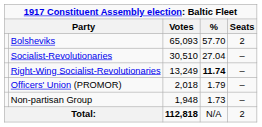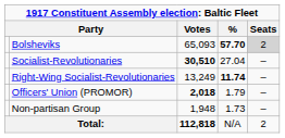 <table class="wikitable" style="text-align:left; font-size:95%">
 <tr>
 <td align=center colspan=5><strong><a href='#'>1917 Constituent Assembly election</a>: Baltic Fleet</strong></td>
 </tr>
 <tr>
 <th colspan=2>Party</th>
 <th>Votes</th>
 <th>%</th>
 <th>Seats</th>
 </tr>
 <tr>
 <td style="background-color: "></td>
 <td><a href='#'>Bolsheviks</a></td>
 <td align=right>65,093</td>
-<td align=right>57.70</td>
-<td align=center>2</td>
+<td align=right><strong>57.70</strong></td>
+<td align=center style="background: lightgrey;">2</td>
 </tr>
 <tr>
 <td style="background-color: "></td>
 <td><a href='#'>Socialist-Revolutionaries</a></td>
-<td align=right>30,510</td>
+<td align=right><strong>30,510</strong></td>
 <td align=right>27.04</td>
 <td align=center>–</td>
 </tr>
 <tr>
 <td style="background-color: "></td>
 <td><a href='#'>Right-Wing Socialist-Revolutionaries</a></td>
 <td align=right>13,249</td>
 <td align=right><strong>11.74</strong></td>
 <td align=center>–</td>
 </tr>
 <tr>
 <td style="background-color: "></td>
 <td><a href='#'>Officers' Union</a> (PROMOR)</td>
-<td align=right>2,018</td>
+<td align=right><strong>2,018</strong></td>
 <td align=right>1.79</td>
 <td align=center>–</td>
 </tr>
 <tr>
 <td></td>
 <td>Non-partisan Group</td>
 <td align=right>1,948</td>
 <td align=right>1.73</td>
 <td align=center>–</td>
 </tr>
 <tr>
 <th colspan=2>Total:</th>
 <td align=center><strong>112,818</strong></td>
 <td align=center>N/A</td>
 <td align=center>2</td>
 </tr>
 </table>
